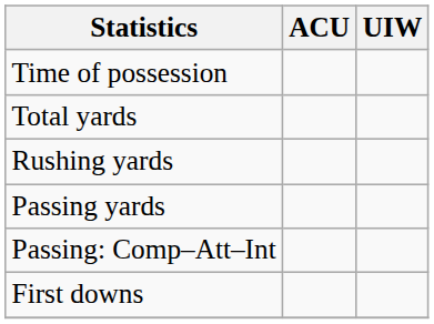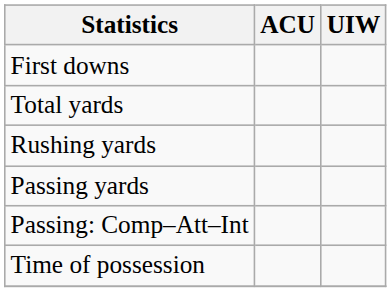 <table class="wikitable" style="float: left;">
 <tr>
 <th>Statistics</th>
 <th>ACU</th>
 <th>UIW</th>
 </tr>
 <tr>
-<td>Time of possession</td>
+<td>First downs</td>
 <td></td>
 <td></td>
 </tr>
 <tr>
 <td>Total yards</td>
 <td></td>
 <td></td>
 </tr>
 <tr>
 <td>Rushing yards</td>
 <td></td>
 <td></td>
 </tr>
 <tr>
 <td>Passing yards</td>
 <td></td>
 <td></td>
 </tr>
 <tr>
 <td>Passing: Comp–Att–Int</td>
 <td></td>
 <td></td>
 </tr>
 <tr>
-<td>First downs</td>
+<td>Time of possession</td>
 <td></td>
 <td></td>
 </tr>
 <tr>
 </tr>
 </table>
